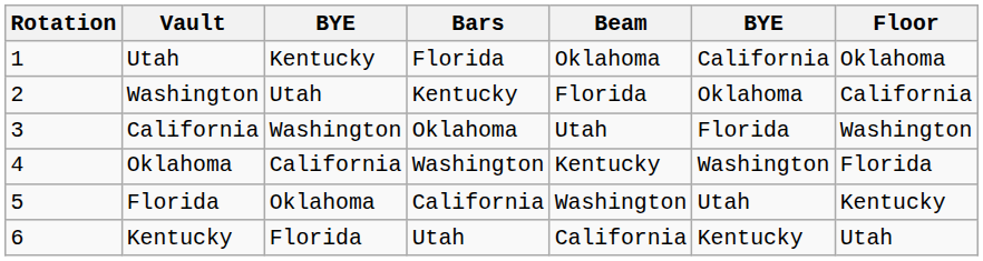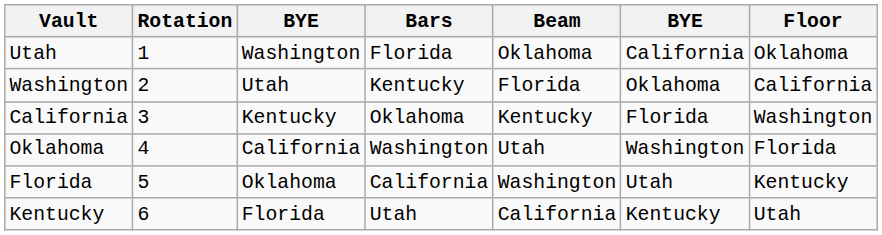 <table class="wikitable">
 <tr>
+<th>Vault</th>
 <th>Rotation</th>
-<th>Vault</th>
 <th>BYE</th>
 <th>Bars</th>
 <th>Beam</th>
 <th>BYE</th>
 <th>Floor</th>
 </tr>
 <tr>
+<td>Utah</td>
 <td>1</td>
-<td>Utah</td>
-<td>Kentucky</td>
+<td>Washington</td>
 <td>Florida</td>
 <td>Oklahoma</td>
 <td>California</td>
 <td>Oklahoma</td>
 </tr>
 <tr>
+<td>Washington</td>
 <td>2</td>
-<td>Washington</td>
 <td>Utah</td>
 <td>Kentucky</td>
 <td>Florida</td>
 <td>Oklahoma</td>
 <td>California</td>
 </tr>
 <tr>
+<td>California</td>
 <td>3</td>
-<td>California</td>
-<td>Washington</td>
+<td>Kentucky</td>
 <td>Oklahoma</td>
-<td>Utah</td>
+<td>Kentucky</td>
 <td>Florida</td>
 <td>Washington</td>
 </tr>
 <tr>
+<td>Oklahoma</td>
 <td>4</td>
-<td>Oklahoma</td>
 <td>California</td>
 <td>Washington</td>
-<td>Kentucky</td>
+<td>Utah</td>
 <td>Washington</td>
 <td>Florida</td>
 </tr>
 <tr>
+<td>Florida</td>
 <td>5</td>
-<td>Florida</td>
 <td>Oklahoma</td>
 <td>California</td>
 <td>Washington</td>
 <td>Utah</td>
 <td>Kentucky</td>
 </tr>
 <tr>
+<td>Kentucky</td>
 <td>6</td>
-<td>Kentucky</td>
 <td>Florida</td>
 <td>Utah</td>
 <td>California</td>
 <td>Kentucky</td>
 <td>Utah</td>
 </tr>
 </table>
